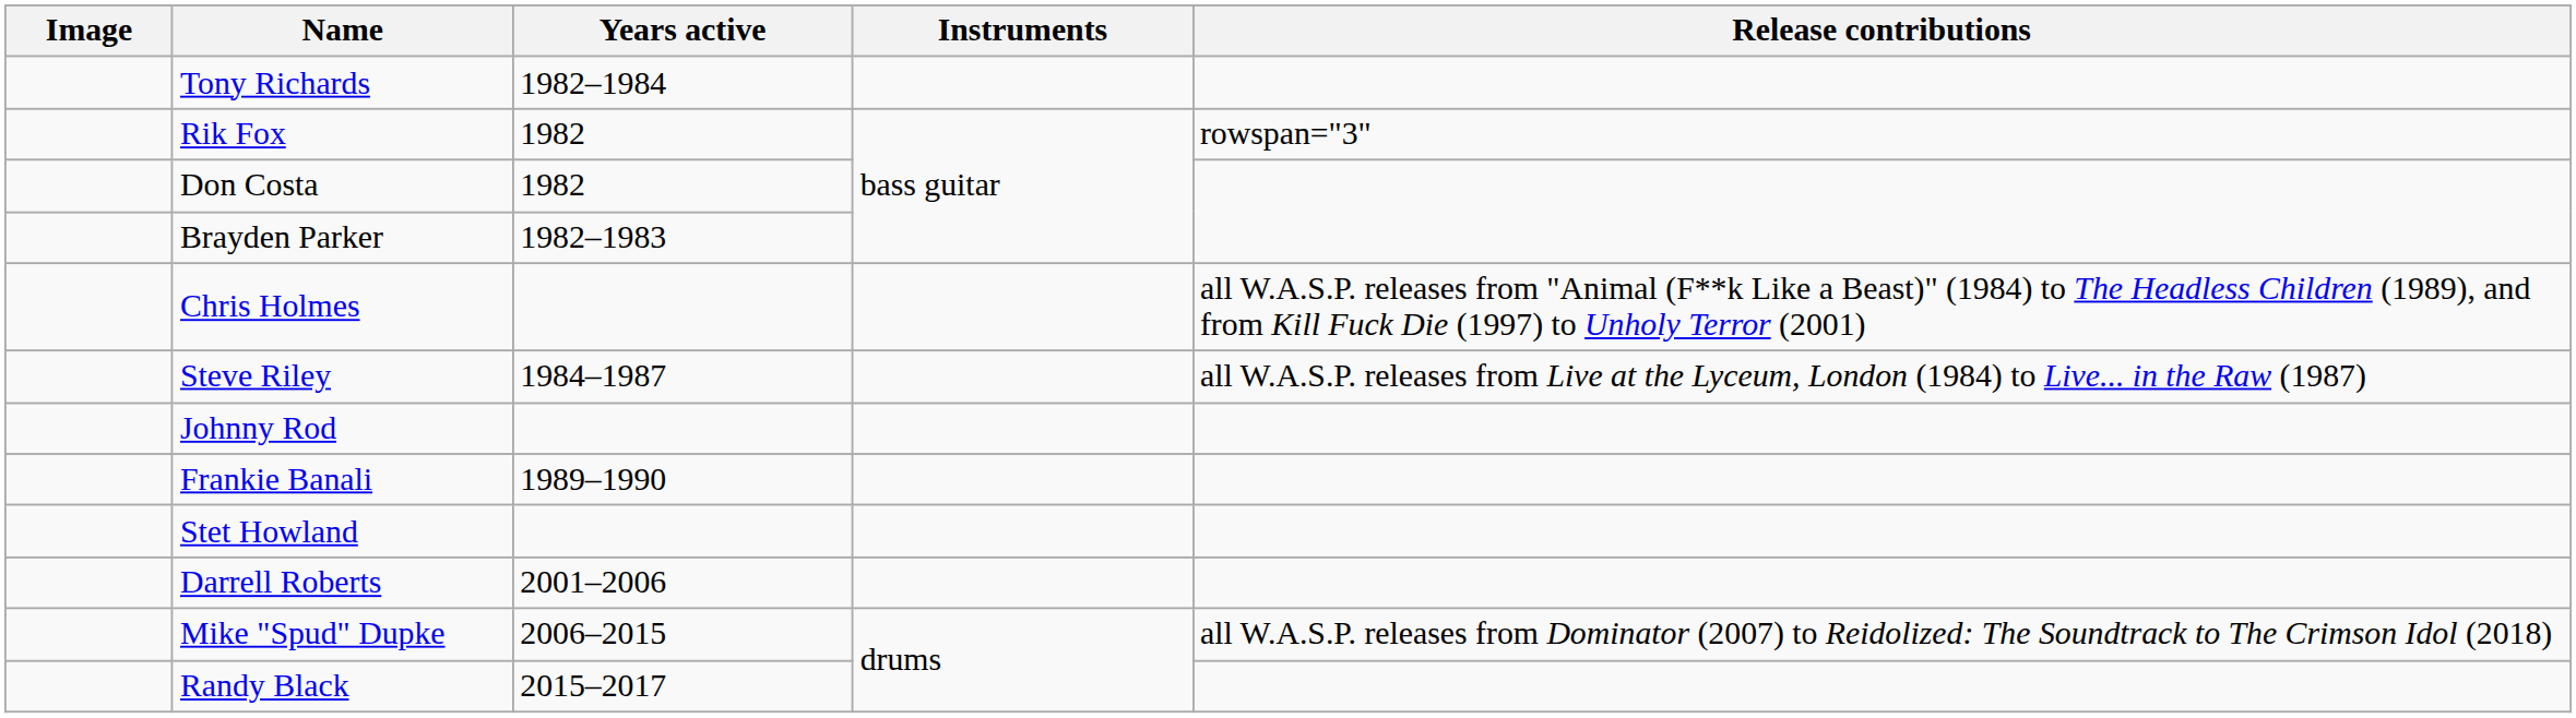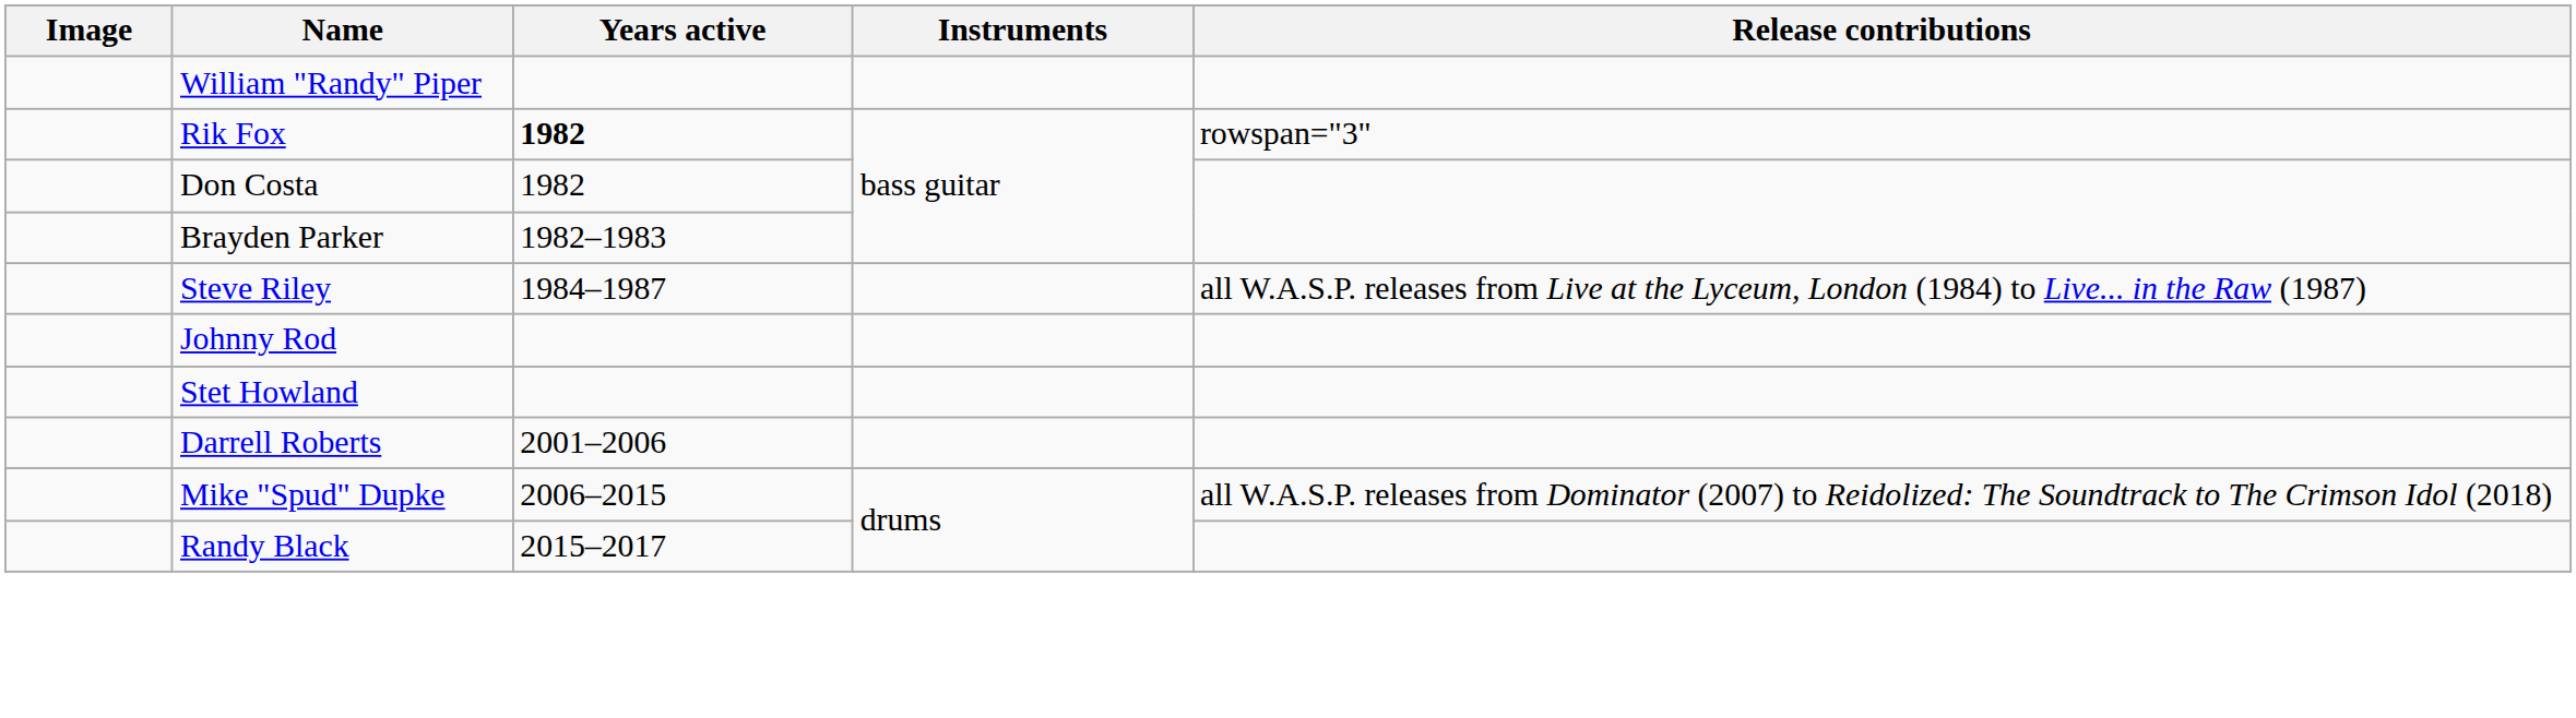 <table class="wikitable" border="1" width=100%>
 <tr>
 <th width="75">Image</th>
 <th width="160">Name</th>
 <th width="160">Years active</th>
 <th width="160">Instruments</th>
 <th>Release contributions</th>
 </tr>
 <tr>
 <td></td>
-<td><a href='#'>Tony Richards</a><br></td>
-<td>1982–1984</td>
+<td><a href='#'>William "Randy" Piper</a></td>
+<td></td>
 <td></td>
 <td></td>
 </tr>
 <tr>
 <td></td>
 <td><a href='#'>Rik Fox</a><br></td>
-<td>1982</td>
+<td><strong>1982</strong></td>
 <td rowspan="3">bass guitar</td>
 <td>rowspan="3" </td>
 </tr>
 <tr>
 <td></td>
 <td>Don Costa</td>
 <td>1982 </td>
 </tr>
 <tr>
 <td></td>
 <td>Brayden Parker</td>
 <td>1982–1983</td>
 </tr>
 <tr>
 <td></td>
-<td><a href='#'>Chris Holmes</a></td>
-<td></td>
-<td></td>
-<td>all W.A.S.P. releases from "Animal (F**k Like a Beast)" (1984) to <em><a href='#'>The Headless Children</a></em> (1989), and from <em>Kill Fuck Die</em> (1997) to <em><a href='#'>Unholy Terror</a></em> (2001)</td>
-</tr>
-<tr>
-<td></td>
 <td><a href='#'>Steve Riley</a></td>
 <td>1984–1987 </td>
 <td></td>
 <td>all W.A.S.P. releases from <em>Live at the Lyceum, London</em> (1984) to <em><a href='#'>Live... in the Raw</a></em> (1987)</td>
 </tr>
 <tr>
 <td></td>
 <td><a href='#'>Johnny Rod</a><br></td>
 <td></td>
-<td></td>
-<td></td>
-</tr>
-<tr>
-<td></td>
-<td><a href='#'>Frankie Banali</a></td>
-<td>1989–1990 </td>
 <td></td>
 <td></td>
 </tr>
 <tr>
 <td></td>
 <td><a href='#'>Stet Howland</a></td>
 <td></td>
 <td></td>
 <td></td>
 </tr>
 <tr>
 <td></td>
 <td><a href='#'>Darrell Roberts</a></td>
 <td>2001–2006</td>
 <td></td>
 <td></td>
 </tr>
 <tr>
 <td></td>
 <td><a href='#'>Mike "Spud" Dupke</a></td>
 <td>2006–2015</td>
 <td Rowspan="2">drums</td>
 <td>all W.A.S.P. releases from <em>Dominator</em> (2007) to <em>Reidolized: The Soundtrack to The Crimson Idol</em> (2018)</td>
 </tr>
 <tr>
 <td></td>
 <td><a href='#'>Randy Black</a></td>
 <td>2015–2017</td>
 <td></td>
 </tr>
 </table>
